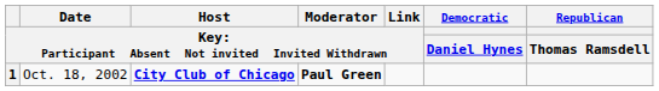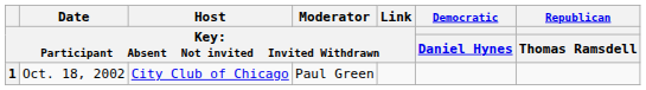 <table class="wikitable" style="text-align:center;">
 <tr>
 <th scope="col"></th>
 <th scope="col">Date</th>
 <th scope="col">Host</th>
 <th scope="col">Moderator</th>
 <th scope="col">Link</th>
 <th scope="col"><small><a href='#'>Democratic</a></small></th>
 <th scope="col"><small><a href='#'>Republican</a></small></th>
 </tr>
 <tr>
 <th colspan="5" rowspan="2">Key:<br> <small>Participant </small>  <small>Absent </small>  <small>Not invited </small>  <small>Invited  Withdrawn</small></th>
 <th scope="col" style="background:"></th>
 <th scope="col" style="background:"></th>
 </tr>
 <tr>
 <th scope="col"><a href='#'>Daniel Hynes</a></th>
 <th scope="col">Thomas Ramsdell</th>
 </tr>
 <tr>
 <th>1</th>
 <td style="white-space:nowrap;">Oct. 18, 2002</td>
-<td style="white-space:nowrap;"><strong><a href='#'>City Club of Chicago</a></strong></td>
-<td style="white-space:nowrap;"><strong>Paul Green</strong></td>
+<td style="white-space:nowrap;"><a href='#'>City Club of Chicago</a></td>
+<td style="white-space:nowrap;">Paul Green</td>
 <td style="white-space:nowrap;"></td>
 <td></td>
 <td></td>
 </tr>
 </table>
